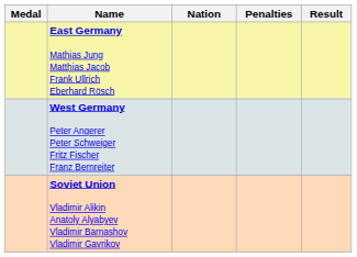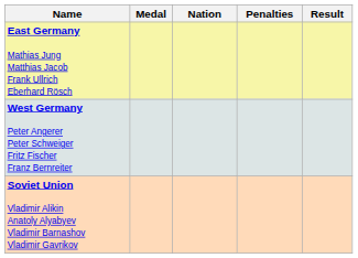 <table class=wikitable style="border:1px solid #AAAAAA;font-size:90%">
 <tr bgcolor="#E4E4E4">
+<th style="border-bottom:1px solid #AAAAAA" width=160>Name</th>
 <th style="border-bottom:1px solid #AAAAAA" width=50>Medal</th>
-<th style="border-bottom:1px solid #AAAAAA" width=160>Name</th>
 <th style="border-bottom:1px solid #AAAAAA" width=80>Nation</th>
 <th style="border-bottom:1px solid #AAAAAA" width=80>Penalties</th>
 <th style="border-bottom:1px solid #AAAAAA" width=60>Result</th>
 </tr>
 <tr bgcolor="#F7F6A8">
+<td><strong><a href='#'>East Germany</a></strong><br><br><small><a href='#'>Mathias Jung</a><br><a href='#'>Matthias Jacob</a><br><a href='#'>Frank Ullrich</a><br><a href='#'>Eberhard Rösch</a></small></td>
 <td align="center"></td>
-<td><strong><a href='#'>East Germany</a></strong><br><br><small><a href='#'>Mathias Jung</a><br><a href='#'>Matthias Jacob</a><br><a href='#'>Frank Ullrich</a><br><a href='#'>Eberhard Rösch</a></small></td>
 <td></td>
 <td align="center"></td>
 <td align="center"></td>
 </tr>
 <tr bgcolor="#DCE5E5">
+<td><strong><a href='#'>West Germany</a></strong><br><br><small><a href='#'>Peter Angerer</a><br><a href='#'>Peter Schweiger</a><br><a href='#'>Fritz Fischer</a><br><a href='#'>Franz Bernreiter</a></small></td>
 <td align="center"></td>
-<td><strong><a href='#'>West Germany</a></strong><br><br><small><a href='#'>Peter Angerer</a><br><a href='#'>Peter Schweiger</a><br><a href='#'>Fritz Fischer</a><br><a href='#'>Franz Bernreiter</a></small></td>
 <td></td>
 <td align="center"></td>
 <td align="right"></td>
 </tr>
 <tr bgcolor="#FFDAB9">
+<td><strong><a href='#'>Soviet Union</a></strong><br><br><small><a href='#'>Vladimir Alikin</a><br><a href='#'>Anatoly Alyabyev</a><br><a href='#'>Vladimir Barnashov</a><br><a href='#'>Vladimir Gavrikov</a></small></td>
 <td align="center"></td>
-<td><strong><a href='#'>Soviet Union</a></strong><br><br><small><a href='#'>Vladimir Alikin</a><br><a href='#'>Anatoly Alyabyev</a><br><a href='#'>Vladimir Barnashov</a><br><a href='#'>Vladimir Gavrikov</a></small></td>
 <td></td>
 <td align="center"></td>
 <td align="right"></td>
 </tr>
 </table>
